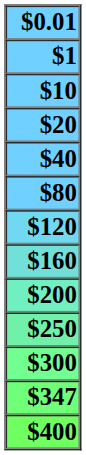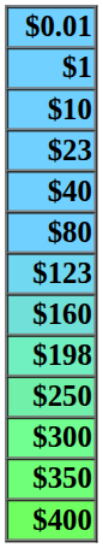 <table border=1 cellspacing=0 cellpadding=1 width=50px|->
 <tr>
 <td bgcolor=#70D0FF align=right><strong>$0.01</strong></td>
 </tr>
 <tr>
 <td bgcolor=#70D0FF align=right><strong>$1</strong></td>
 </tr>
 <tr>
 <td bgcolor=#70D0FF align=right><strong>$10</strong></td>
 </tr>
 <tr>
-<td bgcolor=#70D0FF align=right><strong>$20</strong></td>
+<td bgcolor=#70D0FF align=right><strong>$23</strong></td>
 </tr>
 <tr>
 <td bgcolor=#70D0FF align=right><strong>$40</strong></td>
 </tr>
 <tr>
 <td bgcolor=#70D0FF align=right><strong>$80</strong></td>
 </tr>
 <tr>
-<td bgcolor=#70D8F0 align=right><strong>$120</strong></td>
+<td bgcolor=#70D8F0 align=right><strong>$123</strong></td>
 </tr>
 <tr>
 <td bgcolor=#70E0D8 align=right><strong>$160</strong></td>
 </tr>
 <tr>
-<td bgcolor=#70EFC0 align=right><strong>$200</strong></td>
+<td bgcolor=#70EFC0 align=right><strong>$198</strong></td>
 </tr>
 <tr>
 <td bgcolor=#70F0A8 align=right><strong>$250</strong></td>
 </tr>
 <tr>
 <td bgcolor=#70FF90 align=right><strong>$300</strong></td>
 </tr>
 <tr>
-<td bgcolor=#70FF78 align=right><strong>$347</strong></td>
+<td bgcolor=#70FF78 align=right><strong>$350</strong></td>
 </tr>
 <tr>
 <td bgcolor=#70FF60 align=right><strong>$400</strong></td>
 </tr>
 </table>
